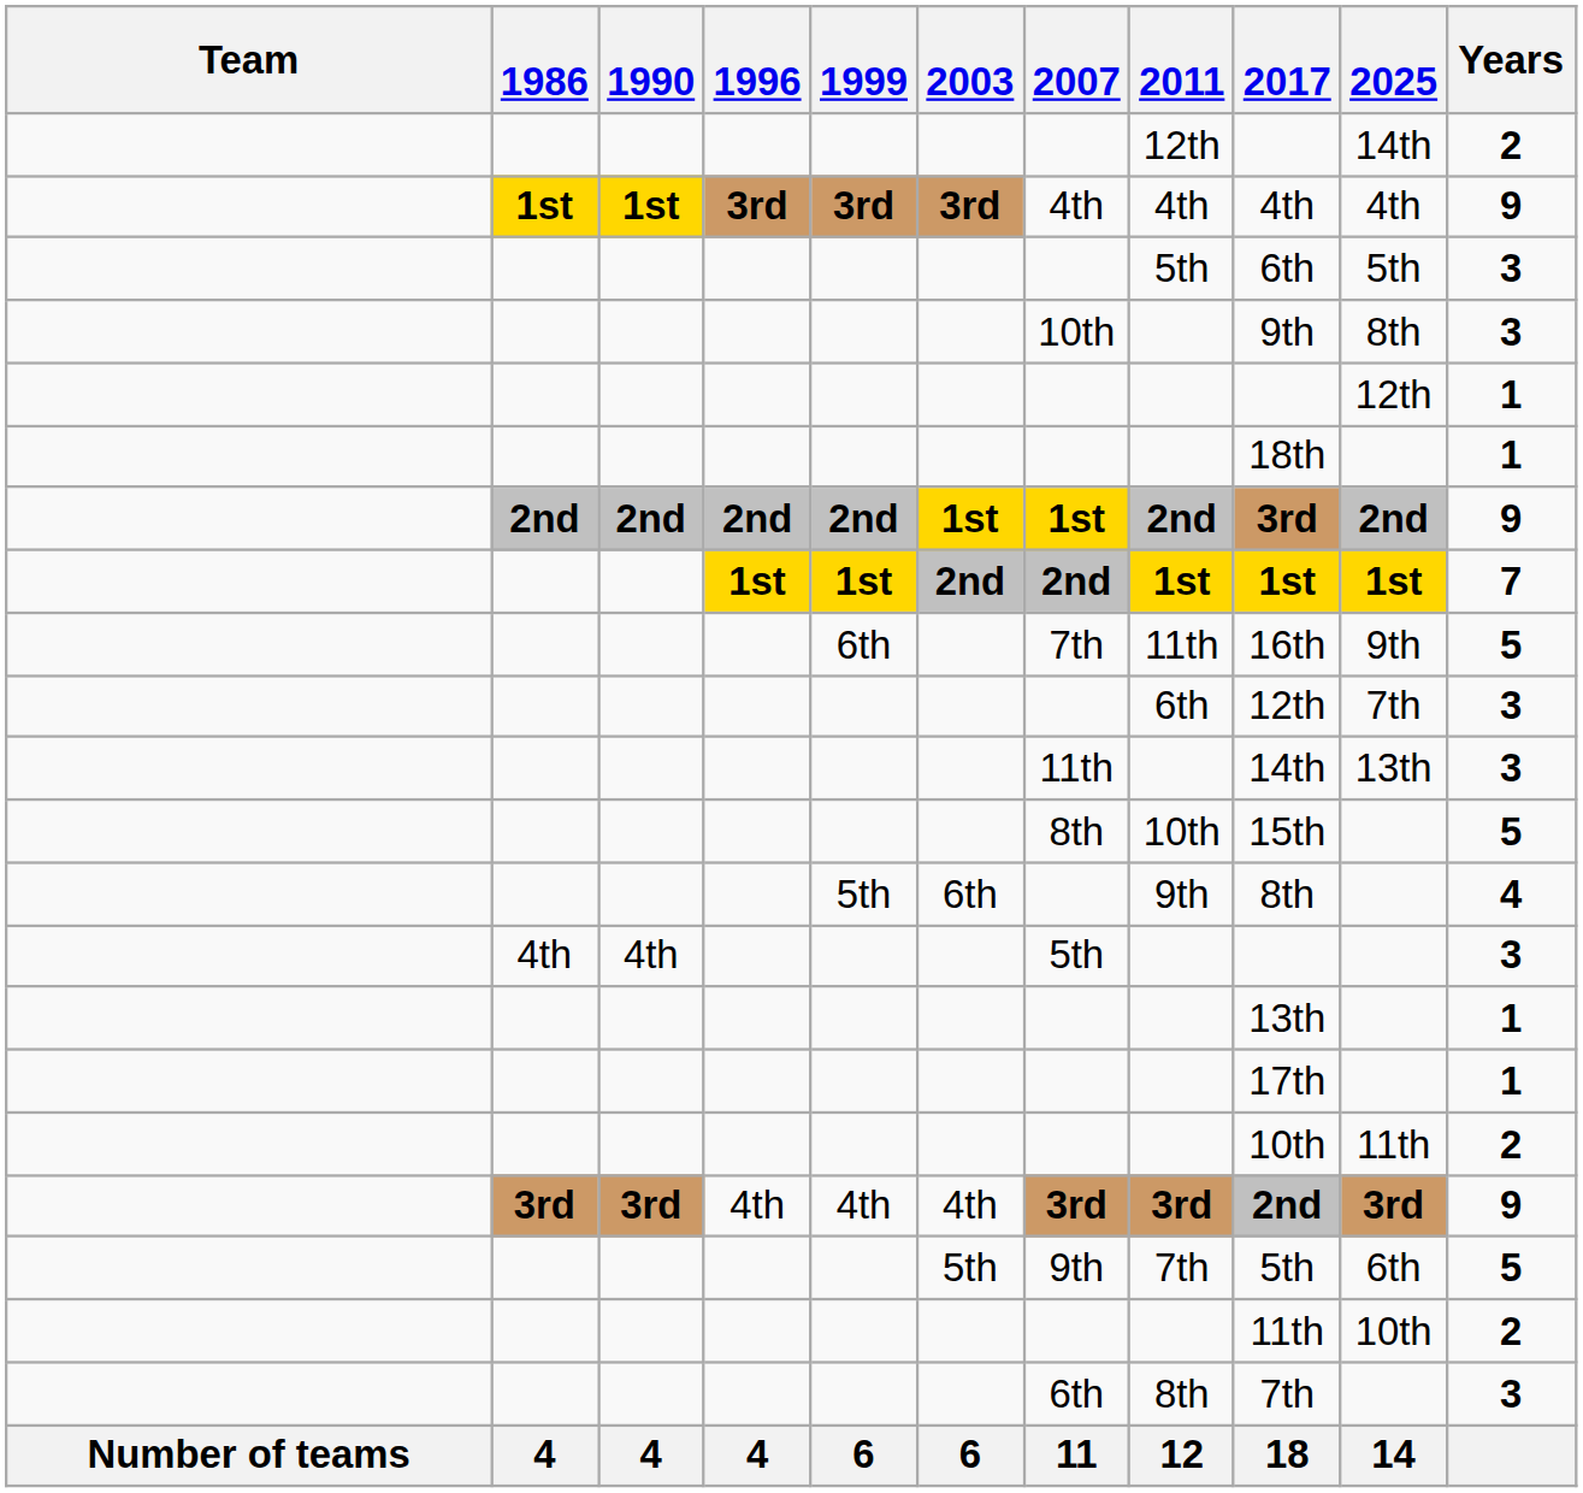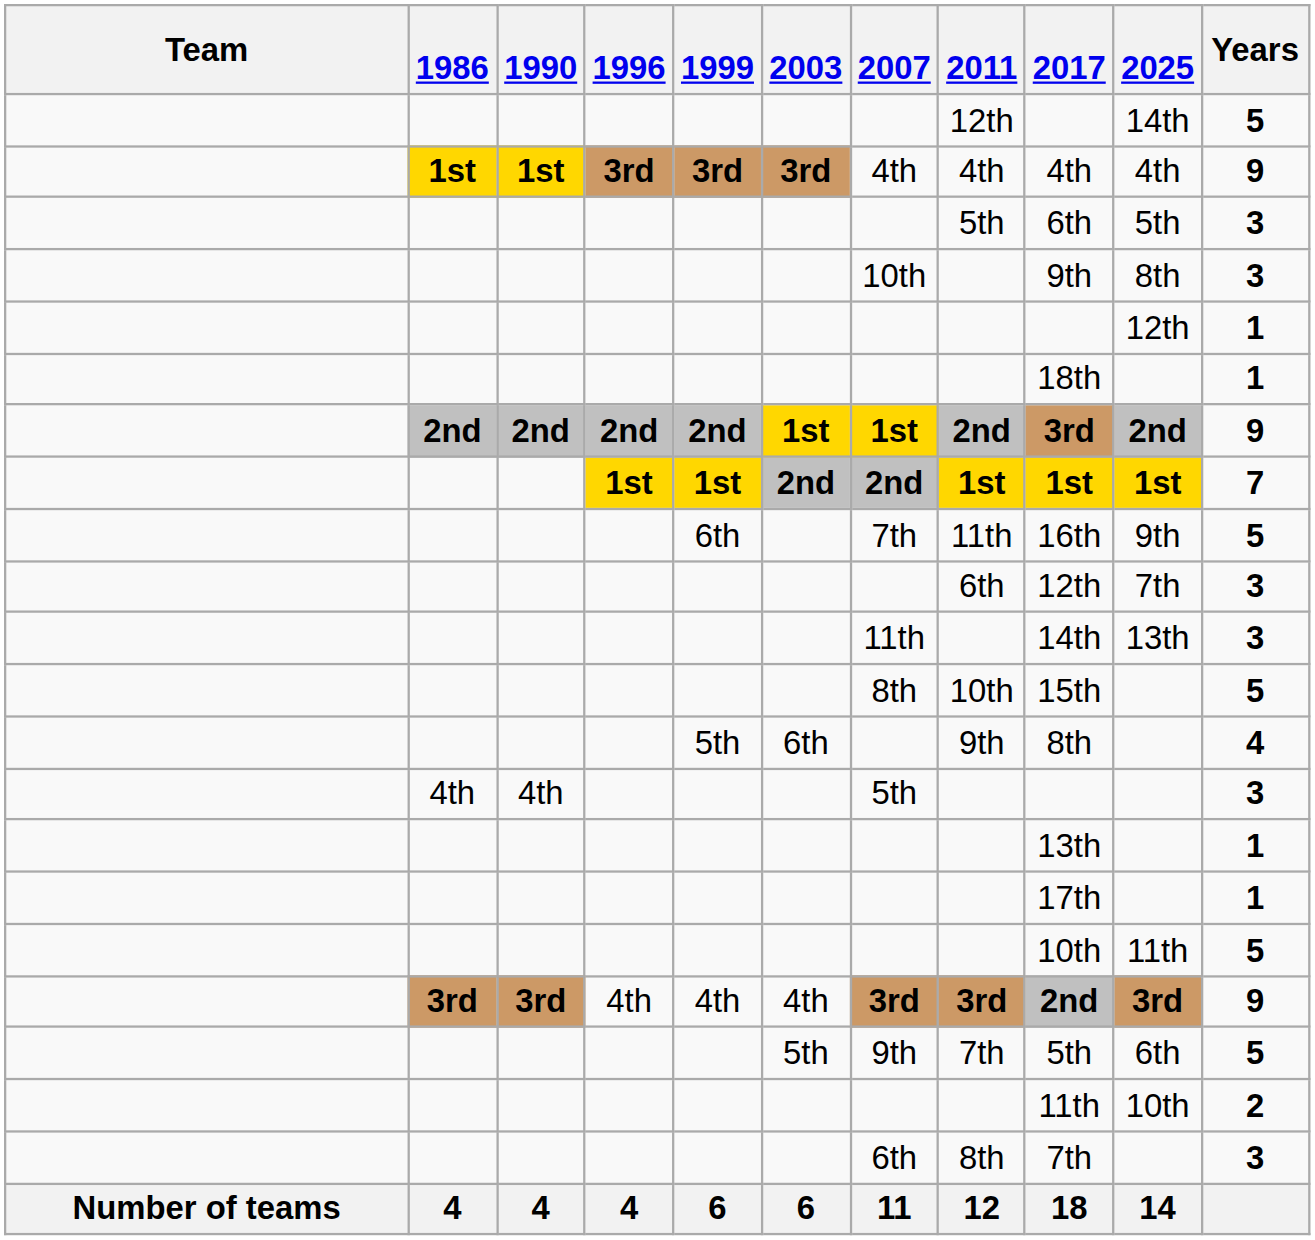 <table class="wikitable" style="text-align:center; font-size:90%">
 <tr>
 <th width=170>Team</th>
 <th width=25><br><a href='#'>1986</a></th>
 <th width=25><br><a href='#'>1990</a></th>
 <th width=25><br><a href='#'>1996</a></th>
 <th width=25><br><a href='#'>1999</a></th>
 <th width=25><br><a href='#'>2003</a></th>
 <th width=25><br><a href='#'>2007</a></th>
 <th width=25><br><a href='#'>2011</a></th>
 <th width=25><br><a href='#'>2017</a></th>
 <th width=25><br><a href='#'>2025</a></th>
 <th width=40>Years</th>
 </tr>
 <tr>
 <td align=left></td>
 <td></td>
 <td></td>
 <td></td>
 <td></td>
 <td></td>
 <td></td>
 <td>12th</td>
 <td></td>
 <td>14th</td>
-<td><strong>2</strong></td>
+<td><strong>5</strong></td>
 </tr>
 <tr>
 <td align=left></td>
 <td bgcolor=gold><strong>1st</strong></td>
 <td bgcolor=gold><strong>1st</strong></td>
 <td bgcolor=cc9966><strong>3rd</strong></td>
 <td bgcolor=cc9966><strong>3rd</strong></td>
 <td bgcolor=cc9966><strong>3rd</strong></td>
 <td>4th</td>
 <td>4th</td>
 <td>4th</td>
 <td>4th</td>
 <td><strong>9</strong></td>
 </tr>
 <tr>
 <td align=left></td>
 <td></td>
 <td></td>
 <td></td>
 <td></td>
 <td></td>
 <td></td>
 <td>5th</td>
 <td>6th</td>
 <td>5th</td>
 <td><strong>3</strong></td>
 </tr>
 <tr>
 <td align=left></td>
 <td></td>
 <td></td>
 <td></td>
 <td></td>
 <td></td>
 <td>10th</td>
 <td></td>
 <td>9th</td>
 <td>8th</td>
 <td><strong>3</strong></td>
 </tr>
 <tr>
 <td align=left></td>
 <td></td>
 <td></td>
 <td></td>
 <td></td>
 <td></td>
 <td></td>
 <td></td>
 <td></td>
 <td>12th</td>
 <td><strong>1</strong></td>
 </tr>
 <tr>
 <td align=left></td>
 <td></td>
 <td></td>
 <td></td>
 <td></td>
 <td></td>
 <td></td>
 <td></td>
 <td>18th</td>
 <td></td>
 <td><strong>1</strong></td>
 </tr>
 <tr>
 <td align=left></td>
 <td bgcolor=silver><strong>2nd</strong></td>
 <td bgcolor=silver><strong>2nd</strong></td>
 <td bgcolor=silver><strong>2nd</strong></td>
 <td bgcolor=silver><strong>2nd</strong></td>
 <td bgcolor=gold><strong>1st</strong></td>
 <td bgcolor=gold><strong>1st</strong></td>
 <td bgcolor=silver><strong>2nd</strong></td>
 <td bgcolor=cc9966><strong>3rd</strong></td>
 <td bgcolor=silver><strong>2nd</strong></td>
 <td><strong>9</strong></td>
 </tr>
 <tr>
 <td align=left></td>
 <td></td>
 <td></td>
 <td bgcolor=gold><strong>1st</strong></td>
 <td bgcolor=gold><strong>1st</strong></td>
 <td bgcolor=silver><strong>2nd</strong></td>
 <td bgcolor=silver><strong>2nd</strong></td>
 <td bgcolor=gold><strong>1st</strong></td>
 <td bgcolor=gold><strong>1st</strong></td>
 <td bgcolor=gold><strong>1st</strong></td>
 <td><strong>7</strong></td>
 </tr>
 <tr>
 <td align=left></td>
 <td></td>
 <td></td>
 <td></td>
 <td>6th</td>
 <td></td>
 <td>7th</td>
 <td>11th</td>
 <td>16th</td>
 <td>9th</td>
 <td><strong>5</strong></td>
 </tr>
 <tr>
 <td align=left></td>
 <td></td>
 <td></td>
 <td></td>
 <td></td>
 <td></td>
 <td></td>
 <td>6th</td>
 <td>12th</td>
 <td>7th</td>
 <td><strong>3</strong></td>
 </tr>
 <tr>
 <td align=left></td>
 <td></td>
 <td></td>
 <td></td>
 <td></td>
 <td></td>
 <td>11th</td>
 <td></td>
 <td>14th</td>
 <td>13th</td>
 <td><strong>3</strong></td>
 </tr>
 <tr>
 <td align=left></td>
 <td></td>
 <td></td>
 <td></td>
 <td></td>
 <td></td>
 <td>8th</td>
 <td>10th</td>
 <td>15th</td>
 <td></td>
 <td><strong>5</strong></td>
 </tr>
 <tr>
 <td align=left></td>
 <td></td>
 <td></td>
 <td></td>
 <td>5th</td>
 <td>6th</td>
 <td></td>
 <td>9th</td>
 <td>8th</td>
 <td></td>
 <td><strong>4</strong></td>
 </tr>
 <tr>
 <td align=left></td>
 <td>4th</td>
 <td>4th</td>
 <td></td>
 <td></td>
 <td></td>
 <td>5th</td>
 <td></td>
 <td></td>
 <td></td>
 <td><strong>3</strong></td>
 </tr>
 <tr>
 <td align=left></td>
 <td></td>
 <td></td>
 <td></td>
 <td></td>
 <td></td>
 <td></td>
 <td></td>
 <td>13th</td>
 <td></td>
 <td><strong>1</strong></td>
 </tr>
 <tr>
 <td align=left></td>
 <td></td>
 <td></td>
 <td></td>
 <td></td>
 <td></td>
 <td></td>
 <td></td>
 <td>17th</td>
 <td></td>
 <td><strong>1</strong></td>
 </tr>
 <tr>
 <td align=left></td>
 <td></td>
 <td></td>
 <td></td>
 <td></td>
 <td></td>
 <td></td>
 <td></td>
 <td>10th</td>
 <td>11th</td>
-<td><strong>2</strong></td>
+<td><strong>5</strong></td>
 </tr>
 <tr>
 <td align=left></td>
 <td bgcolor=cc9966><strong>3rd</strong></td>
 <td bgcolor=cc9966><strong>3rd</strong></td>
 <td>4th</td>
 <td>4th</td>
 <td>4th</td>
 <td bgcolor=cc9966><strong>3rd</strong></td>
 <td bgcolor=cc9966><strong>3rd</strong></td>
 <td bgcolor=silver><strong>2nd</strong></td>
 <td bgcolor=cc9966><strong>3rd</strong></td>
 <td><strong>9</strong></td>
 </tr>
 <tr>
 <td align=left></td>
 <td></td>
 <td></td>
 <td></td>
 <td></td>
 <td>5th</td>
 <td>9th</td>
 <td>7th</td>
 <td>5th</td>
 <td>6th</td>
 <td><strong>5</strong></td>
 </tr>
 <tr>
 <td align=left></td>
 <td></td>
 <td></td>
 <td></td>
 <td></td>
 <td></td>
 <td></td>
 <td></td>
 <td>11th</td>
 <td>10th</td>
 <td><strong>2</strong></td>
 </tr>
 <tr>
 <td align=left></td>
 <td></td>
 <td></td>
 <td></td>
 <td></td>
 <td></td>
 <td>6th</td>
 <td>8th</td>
 <td>7th</td>
 <td></td>
 <td><strong>3</strong></td>
 </tr>
 <tr>
 <th>Number of teams</th>
 <th>4</th>
 <th>4</th>
 <th>4</th>
 <th>6</th>
 <th>6</th>
 <th>11</th>
 <th>12</th>
 <th>18</th>
 <th>14</th>
 <th></th>
 </tr>
 </table>
